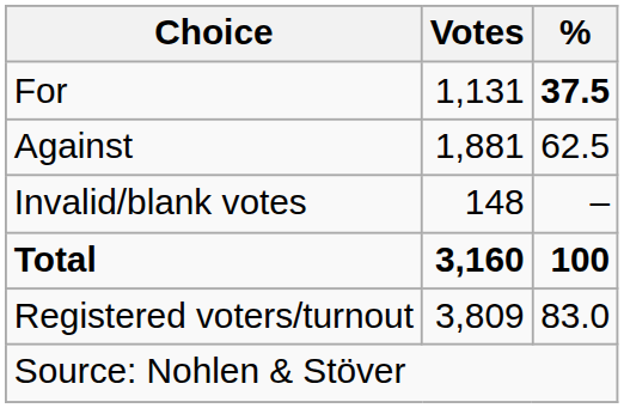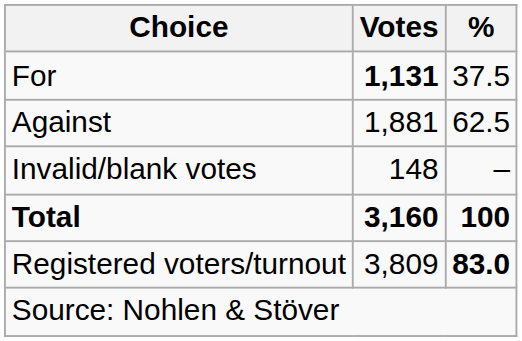 <table class=wikitable style=text-align:right>
 <tr>
 <th>Choice</th>
 <th>Votes</th>
 <th>%</th>
 </tr>
 <tr>
 <td align=left>For</td>
-<td>1,131</td>
-<td><strong>37.5</strong></td>
+<td><strong>1,131</strong></td>
+<td>37.5</td>
 </tr>
 <tr>
 <td align=left>Against</td>
 <td>1,881</td>
 <td>62.5</td>
 </tr>
 <tr>
 <td align=left>Invalid/blank votes</td>
 <td>148</td>
 <td>–</td>
 </tr>
 <tr>
 <td align=left><strong>Total</strong></td>
 <td><strong>3,160</strong></td>
 <td><strong>100</strong></td>
 </tr>
 <tr>
 <td align=left>Registered voters/turnout</td>
 <td>3,809</td>
-<td>83.0</td>
+<td><strong>83.0</strong></td>
 </tr>
 <tr>
 <td align=left colspan=3>Source: Nohlen & Stöver</td>
 </tr>
 </table>
